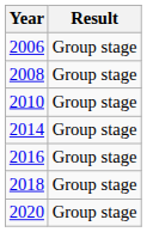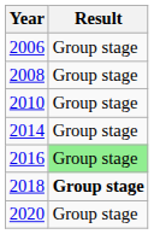 <table class="wikitable">
 <tr>
 <th>Year</th>
 <th>Result</th>
 </tr>
 <tr>
 <td> <a href='#'>2006</a></td>
 <td>Group stage</td>
 </tr>
 <tr>
 <td> <a href='#'>2008</a></td>
 <td>Group stage</td>
 </tr>
 <tr>
 <td> <a href='#'>2010</a></td>
 <td>Group stage</td>
 </tr>
 <tr>
 <td> <a href='#'>2014</a></td>
 <td>Group stage</td>
 </tr>
 <tr>
 <td> <a href='#'>2016</a></td>
-<td>Group stage</td>
+<td style="background: lightgreen;">Group stage</td>
 </tr>
 <tr>
 <td> <a href='#'>2018</a></td>
-<td>Group stage</td>
+<td><strong>Group stage</strong></td>
 </tr>
 <tr>
 <td> <a href='#'>2020</a></td>
 <td>Group stage</td>
 </tr>
 </table>
